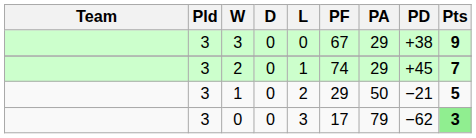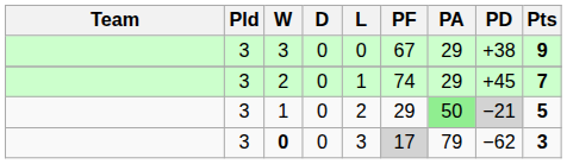 <table class="wikitable" style="text-align:center;">
 <tr>
 <th width=175>Team</th>
 <th width=25 abbr="Played">Pld</th>
 <th width=25 abbr="Won">W</th>
 <th width=25 abbr="Drawn">D</th>
 <th width=25 abbr="Lost">L</th>
 <th width=32 abbr="Points for">PF</th>
 <th width=32 abbr="Points against">PA</th>
 <th width=32 abbr="Points difference">PD</th>
 <th width=25 abbr="Points">Pts</th>
 </tr>
 <tr bgcolor=ccffcc>
 <td align=left></td>
 <td>3</td>
 <td>3</td>
 <td>0</td>
 <td>0</td>
 <td>67</td>
 <td>29</td>
 <td>+38</td>
 <td><strong>9</strong></td>
 </tr>
 <tr>
 </tr>
 <tr bgcolor=ccffcc>
 <td align=left></td>
 <td>3</td>
 <td>2</td>
 <td>0</td>
 <td>1</td>
 <td>74</td>
 <td>29</td>
 <td>+45</td>
 <td><strong>7</strong></td>
 </tr>
 <tr>
 <td align=left></td>
 <td>3</td>
 <td>1</td>
 <td>0</td>
 <td>2</td>
 <td>29</td>
-<td>50</td>
-<td>−21</td>
+<td style="background: lightgreen;">50</td>
+<td style="background: lightgrey;">−21</td>
 <td><strong>5</strong></td>
 </tr>
 <tr>
 <td align=left></td>
 <td>3</td>
-<td>0</td>
+<td><strong>0</strong></td>
 <td>0</td>
 <td>3</td>
-<td>17</td>
+<td style="background: lightgrey;">17</td>
 <td>79</td>
 <td>−62</td>
-<td style="background: lightgreen;"><strong>3</strong></td>
+<td><strong>3</strong></td>
 </tr>
 </table>
